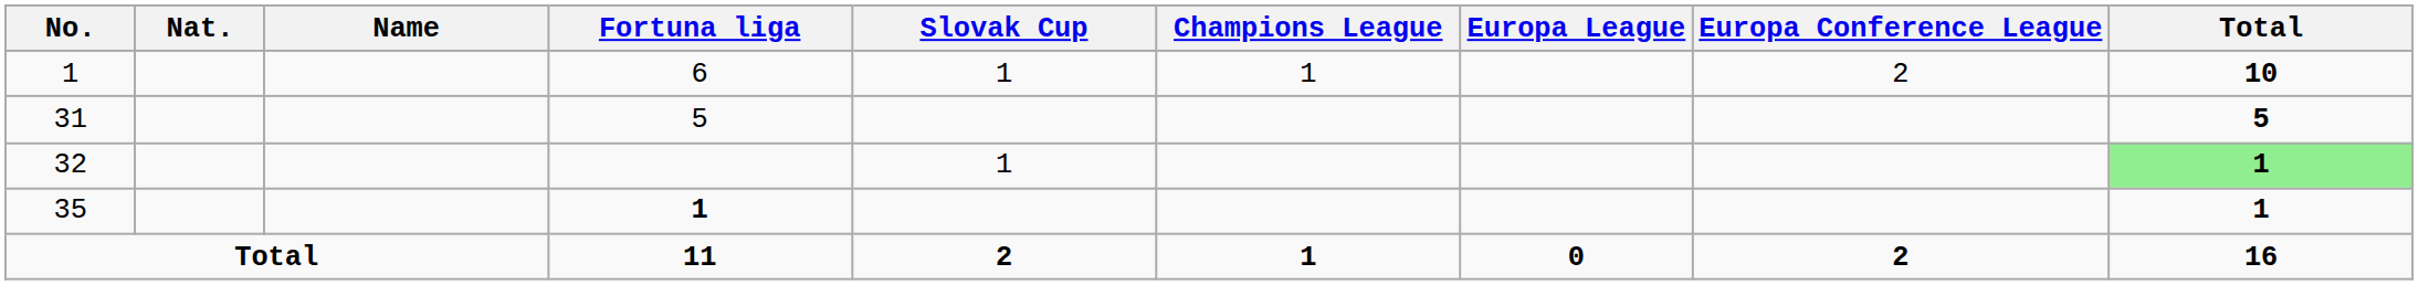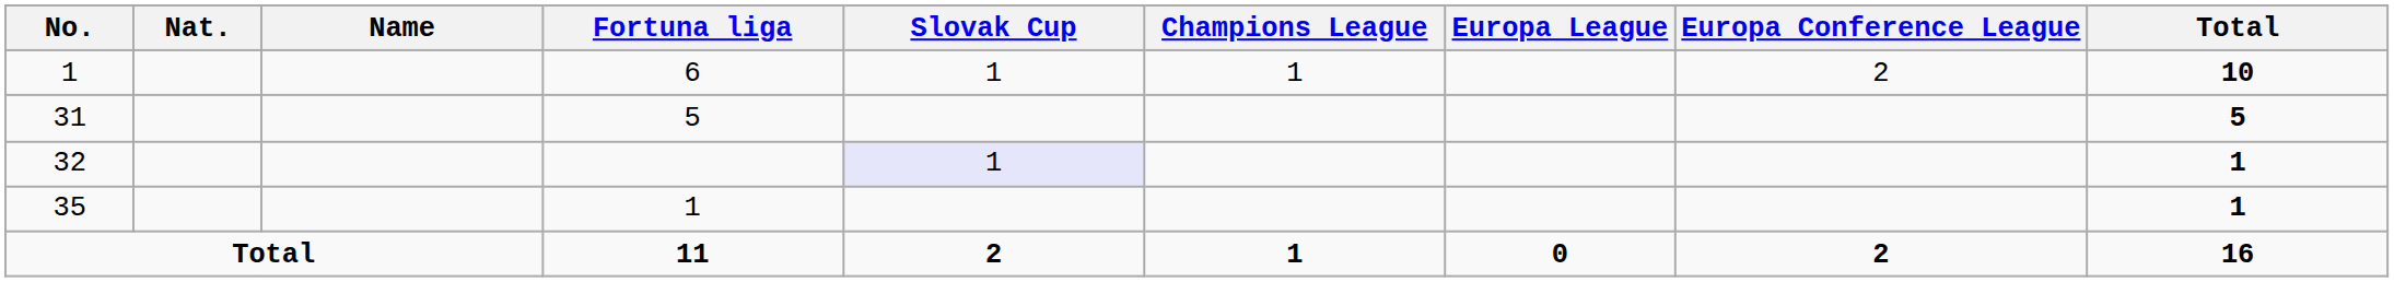 <table class="wikitable sortable" style="text-align:center">
 <tr>
 <th rowspan="1" style="width:54px;">No.</th>
 <th rowspan="1" style="width:54px;">Nat.</th>
 <th rowspan="1" style="width:125px;">Name</th>
 <th style="width:135px;"><a href='#'>Fortuna liga</a></th>
 <th style="width:135px;"><a href='#'>Slovak Cup</a></th>
 <th style="width:135px;"><a href='#'>Champions League</a></th>
 <th><a href='#'>Europa League</a></th>
 <th><a href='#'>Europa Conference League</a></th>
 <th style="width:135px;">Total</th>
 </tr>
 <tr>
 <td>1</td>
 <td></td>
 <td align="left"></td>
 <td>6</td>
 <td>1</td>
 <td>1</td>
 <td></td>
 <td>2</td>
 <td><strong>10</strong></td>
 </tr>
 <tr>
 <td>31</td>
 <td></td>
 <td align="left"></td>
 <td>5</td>
 <td></td>
 <td></td>
 <td></td>
 <td></td>
 <td><strong>5</strong></td>
 </tr>
 <tr>
 <td>32</td>
 <td></td>
 <td align="left"></td>
 <td></td>
-<td>1</td>
+<td style="background: lavender;">1</td>
 <td></td>
 <td></td>
 <td></td>
-<td style="background: lightgreen;"><strong>1</strong></td>
+<td><strong>1</strong></td>
 </tr>
 <tr>
 <td>35</td>
 <td></td>
 <td align="left"></td>
-<td><strong>1</strong></td>
+<td>1</td>
 <td></td>
 <td></td>
 <td></td>
 <td></td>
 <td><strong>1</strong></td>
 </tr>
 <tr>
 <td colspan="3"><strong>Total</strong></td>
 <td><strong>11</strong></td>
 <td><strong>2</strong></td>
 <td><strong>1</strong></td>
 <td><strong>0</strong></td>
 <td><strong>2</strong></td>
 <td><strong>16</strong></td>
 </tr>
 </table>
